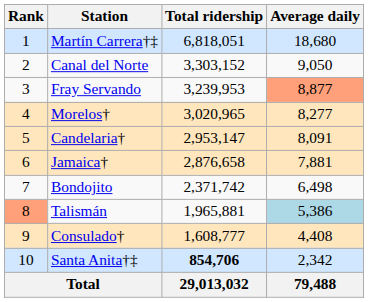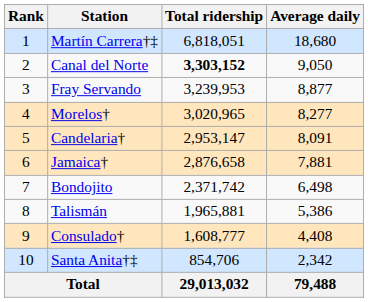 <table class=wikitable style="text-align:center">
 <tr>
 <th>Rank</th>
 <th>Station</th>
 <th>Total ridership</th>
 <th>Average daily</th>
 </tr>
 <tr style="background-color:#D0E7FF">
 <td>1</td>
 <td align=left><a href='#'>Martín Carrera</a>†‡</td>
 <td>6,818,051</td>
 <td>18,680</td>
 </tr>
 <tr>
 <td>2</td>
 <td align=left><a href='#'>Canal del Norte</a></td>
-<td>3,303,152</td>
+<td><strong>3,303,152</strong></td>
 <td>9,050</td>
 </tr>
 <tr>
 <td>3</td>
 <td align=left><a href='#'>Fray Servando</a></td>
 <td>3,239,953</td>
-<td style="background: lightsalmon;">8,877</td>
+<td>8,877</td>
 </tr>
 <tr style="background-color:#FFE6BD">
 <td>4</td>
 <td align=left><a href='#'>Morelos</a>†</td>
 <td>3,020,965</td>
 <td>8,277</td>
 </tr>
 <tr style="background-color:#FFE6BD">
 <td>5</td>
 <td align=left><a href='#'>Candelaria</a>†</td>
 <td>2,953,147</td>
 <td>8,091</td>
 </tr>
 <tr style="background-color:#FFE6BD">
 <td>6</td>
 <td align=left><a href='#'>Jamaica</a>†</td>
 <td>2,876,658</td>
 <td>7,881</td>
 </tr>
 <tr>
 <td>7</td>
 <td align=left><a href='#'>Bondojito</a></td>
 <td>2,371,742</td>
 <td>6,498</td>
 </tr>
 <tr>
-<td style="background: lightsalmon;">8</td>
+<td>8</td>
 <td align=left><a href='#'>Talismán</a></td>
 <td>1,965,881</td>
-<td style="background: lightblue;">5,386</td>
+<td>5,386</td>
 </tr>
 <tr style="background-color:#FFE6BD">
 <td>9</td>
 <td align=left><a href='#'>Consulado</a>†</td>
 <td>1,608,777</td>
 <td>4,408</td>
 </tr>
 <tr style="background-color:#D0E7FF">
 <td>10</td>
 <td align=left><a href='#'>Santa Anita</a>†‡</td>
-<td><strong>854,706</strong></td>
+<td>854,706</td>
 <td>2,342</td>
 </tr>
 <tr>
 <th colspan=2>Total</th>
 <th>29,013,032</th>
 <th>79,488</th>
 </tr>
 </table>
